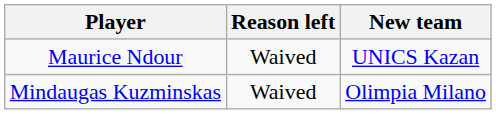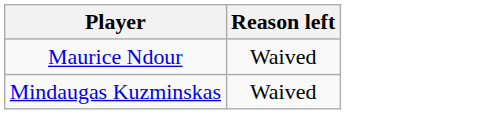 <table class="wikitable sortable sortable" style="text-align: center">
 <tr>
 <th>Player</th>
 <th>Reason left</th>
-<th>New team</th>
 </tr>
 <tr style="text-align: center">
 <td><a href='#'>Maurice Ndour</a></td>
 <td>Waived</td>
-<td> <a href='#'>UNICS Kazan</a></td>
 </tr>
 <tr style="text-align: center">
 <td><a href='#'>Mindaugas Kuzminskas</a></td>
 <td>Waived</td>
-<td> <a href='#'>Olimpia Milano</a></td>
 </tr>
 </table>
